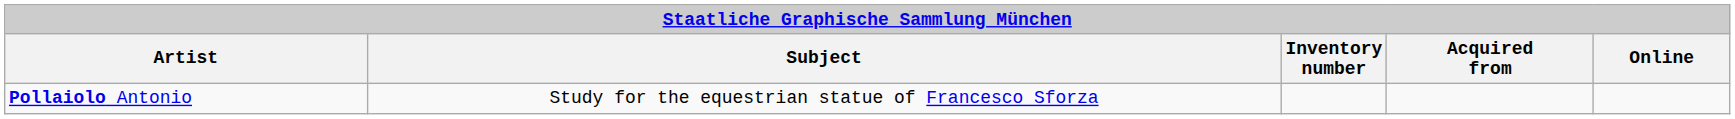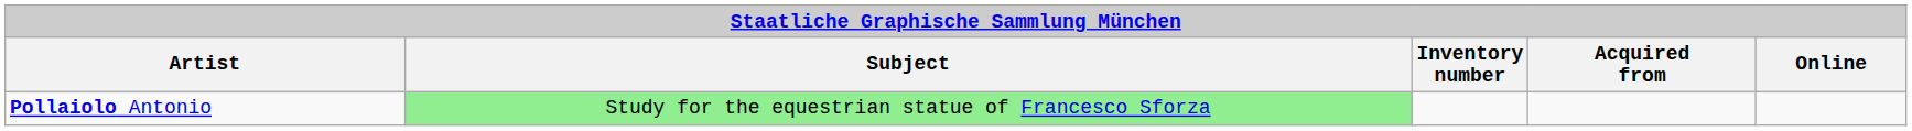 <table class="wikitable">
 <tr>
 <td colspan="5" align="center" bgcolor="#CCCCCC"><strong><a href='#'>Staatliche Graphische Sammlung München</a></strong></td>
 </tr>
 <tr>
 <th width="21%">Artist</th>
 <th width="53%">Subject</th>
 <th width="6%">Inventory<br>number</th>
 <th width="12%">Acquired<br>from</th>
 <th>Online<br></th>
 </tr>
 <tr>
 <td align="left"><a href='#'><strong>Pollaiolo</strong> Antonio</a></td>
-<td align="center">Study for the equestrian statue of <a href='#'>Francesco Sforza</a></td>
+<td align="center" style="background: lightgreen;">Study for the equestrian statue of <a href='#'>Francesco Sforza</a></td>
 <td align="right"></td>
 <td align="center"></td>
 <td align="right"></td>
 </tr>
 </table>
